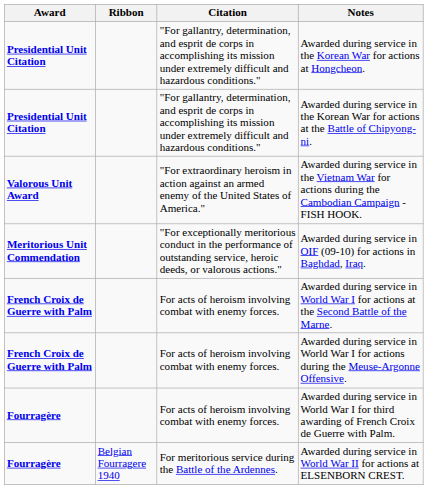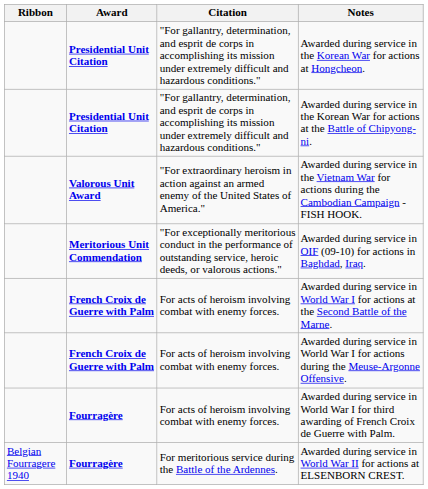 <table class="wikitable" style="float:left;">
 <tr style="background:#efefef;">
+<th>Ribbon</th>
 <th>Award</th>
-<th>Ribbon</th>
 <th>Citation</th>
 <th>Notes</th>
 </tr>
 <tr>
+<td></td>
 <td><strong><a href='#'>Presidential Unit Citation</a></strong></td>
-<td></td>
 <td>"For gallantry, determination, and esprit de corps in accomplishing its mission under extremely difficult and hazardous conditions."</td>
 <td>Awarded during service in the <a href='#'>Korean War</a> for actions at <a href='#'>Hongcheon</a>.</td>
 </tr>
 <tr>
+<td></td>
 <td><strong><a href='#'>Presidential Unit Citation</a></strong></td>
-<td></td>
 <td>"For gallantry, determination, and esprit de corps in accomplishing its mission under extremely difficult and hazardous conditions."</td>
 <td>Awarded during service in the Korean War for actions at the <a href='#'>Battle of Chipyong-ni</a>.</td>
 </tr>
 <tr>
+<td></td>
 <td><strong><a href='#'>Valorous Unit Award</a></strong></td>
-<td></td>
 <td>"For extraordinary heroism in action against an armed enemy of the United States of America."</td>
 <td>Awarded during service in the <a href='#'>Vietnam War</a> for actions during the <a href='#'>Cambodian Campaign</a> - FISH HOOK.</td>
 </tr>
 <tr>
+<td></td>
 <td><strong><a href='#'>Meritorious Unit Commendation</a></strong></td>
-<td></td>
 <td>"For exceptionally meritorious conduct in the performance of outstanding service, heroic deeds, or valorous actions."</td>
 <td>Awarded during service in <a href='#'>OIF</a> (09-10) for actions in <a href='#'>Baghdad</a>, <a href='#'>Iraq</a>.</td>
 </tr>
 <tr>
+<td></td>
 <td><strong><a href='#'>French Croix de Guerre with Palm</a></strong></td>
-<td></td>
 <td>For acts of heroism involving combat with enemy forces.</td>
 <td>Awarded during service in <a href='#'>World War I</a> for actions at the <a href='#'>Second Battle of the Marne</a>.</td>
 </tr>
 <tr>
+<td></td>
 <td><strong><a href='#'>French Croix de Guerre with Palm</a></strong></td>
-<td></td>
 <td>For acts of heroism involving combat with enemy forces.</td>
 <td>Awarded during service in World War I for actions during the <a href='#'>Meuse-Argonne Offensive</a>.</td>
 </tr>
 <tr>
+<td></td>
 <td><strong><a href='#'>Fourragère</a></strong></td>
-<td></td>
 <td>For acts of heroism involving combat with enemy forces.</td>
 <td>Awarded during service in World War I for third awarding of French Croix de Guerre with Palm.</td>
 </tr>
 <tr>
+<td><a href='#'>Belgian Fourragere 1940</a></td>
 <td><strong><a href='#'>Fourragère</a></strong></td>
-<td><a href='#'>Belgian Fourragere 1940</a></td>
 <td>For meritorious service during the <a href='#'>Battle of the Ardennes</a>.</td>
 <td>Awarded during service in <a href='#'>World War II</a> for actions at ELSENBORN CREST.</td>
 </tr>
 </table>
